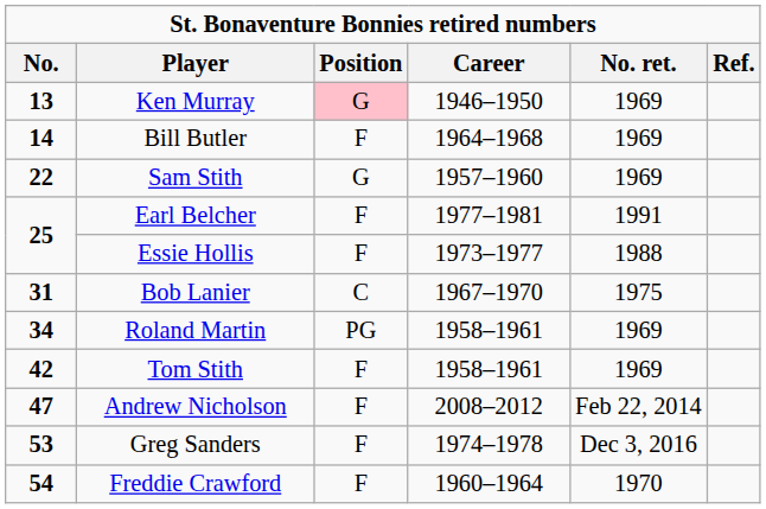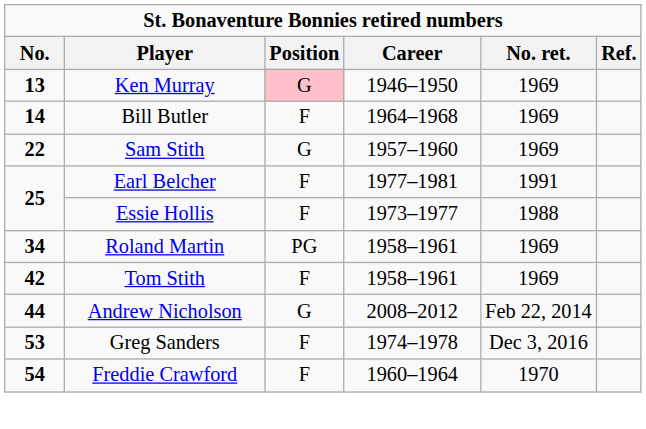 <table class="wikitable sortable" style="text-align:center">
 <tr>
 <td colspan=6><strong>St. Bonaventure Bonnies retired numbers</strong></td>
 </tr>
 <tr>
 <th width=40px style=>No.</th>
 <th width=150px style=>Player</th>
 <th width=40px style=>Position</th>
 <th width=100px style=>Career</th>
 <th width=px style=>No. ret.</th>
 <th width=px style=>Ref.</th>
 </tr>
 <tr>
 <td><strong>13</strong></td>
 <td><a href='#'>Ken Murray</a></td>
 <td style="background: pink;">G</td>
 <td>1946–1950</td>
 <td>1969</td>
 <td></td>
 </tr>
 <tr>
 <td><strong>14</strong></td>
 <td>Bill Butler</td>
 <td>F</td>
 <td>1964–1968</td>
 <td>1969</td>
 <td></td>
 </tr>
 <tr>
 <td><strong>22</strong></td>
 <td><a href='#'>Sam Stith</a></td>
 <td>G</td>
 <td>1957–1960</td>
 <td>1969</td>
 <td></td>
 </tr>
 <tr>
 <td rowspan=2><strong>25</strong></td>
 <td><a href='#'>Earl Belcher</a></td>
 <td>F</td>
 <td>1977–1981</td>
 <td>1991</td>
 <td></td>
 </tr>
 <tr>
 <td><a href='#'>Essie Hollis</a></td>
 <td>F</td>
 <td>1973–1977</td>
 <td>1988</td>
 <td></td>
 </tr>
 <tr>
-<td><strong>31</strong></td>
-<td><a href='#'>Bob Lanier</a></td>
-<td>C</td>
-<td>1967–1970</td>
-<td>1975</td>
-<td></td>
-</tr>
-<tr>
 <td><strong>34</strong></td>
 <td><a href='#'>Roland Martin</a></td>
 <td>PG</td>
 <td>1958–1961</td>
 <td>1969</td>
 <td></td>
 </tr>
 <tr>
 <td><strong>42</strong></td>
 <td><a href='#'>Tom Stith</a></td>
 <td>F</td>
 <td>1958–1961</td>
 <td>1969</td>
 <td></td>
 </tr>
 <tr>
-<td><strong>47</strong></td>
+<td><strong>44</strong></td>
 <td><a href='#'>Andrew Nicholson</a></td>
-<td>F</td>
+<td>G</td>
 <td>2008–2012</td>
 <td>Feb 22, 2014</td>
 <td></td>
 </tr>
 <tr>
 <td><strong>53</strong></td>
 <td>Greg Sanders</td>
 <td>F</td>
 <td>1974–1978</td>
 <td>Dec 3, 2016</td>
 <td></td>
 </tr>
 <tr>
 <td><strong>54</strong></td>
 <td><a href='#'>Freddie Crawford</a></td>
 <td>F</td>
 <td>1960–1964</td>
 <td>1970</td>
 <td></td>
 </tr>
 </table>
